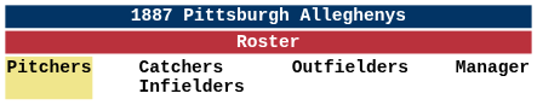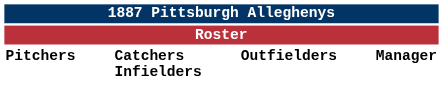 <table class="toccolours" style="font-size: 95%;">
 <tr>
 <th colspan="10" style="background-color: #023465; color: #FFFFFF; text-align: center;">1887 Pittsburgh Alleghenys</th>
 </tr>
 <tr>
 <td colspan="10" style="background-color: #ba313c; color: white; text-align: center;"><strong>Roster</strong></td>
 </tr>
 <tr>
-<td valign="top" style="background: khaki;"><strong>Pitchers</strong><br>   </td>
+<td valign="top"><strong>Pitchers</strong><br>   </td>
 <td width="25px"></td>
 <td valign="top"><strong>Catchers</strong><br> <strong>Infielders</strong>      </td>
 <td width="25px"></td>
 <td valign="top"><strong>Outfielders</strong><br>     </td>
 <td width="25px"></td>
 <td valign="top"><strong>Manager</strong><br></td>
 </tr>
 </table>
